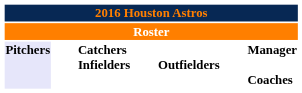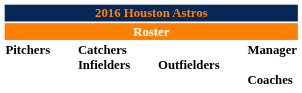 <table class="toccolours" style="font-size: 95%;">
 <tr>
 <th colspan="10" style="background:#072854; color:#FF7F00; text-align:center;">2016 Houston Astros</th>
 </tr>
 <tr>
 <td colspan="10" style="background:#FF7F00; color:white; text-align:center;"><strong>Roster</strong></td>
 </tr>
 <tr>
-<td valign="top" style="background: lavender;"><strong>Pitchers</strong><br>                    </td>
+<td valign="top"><strong>Pitchers</strong><br>                    </td>
 <td style="width:25px;"></td>
 <td valign="top"><strong>Catchers</strong><br>    <strong>Infielders</strong>           </td>
 <td style="width:25px;"></td>
 <td valign="top"><br><strong>Outfielders</strong>       </td>
 <td style="width:25px;"></td>
 <td valign="top"><strong>Manager</strong><br><br><strong>Coaches</strong>                  </td>
 </tr>
 </table>
